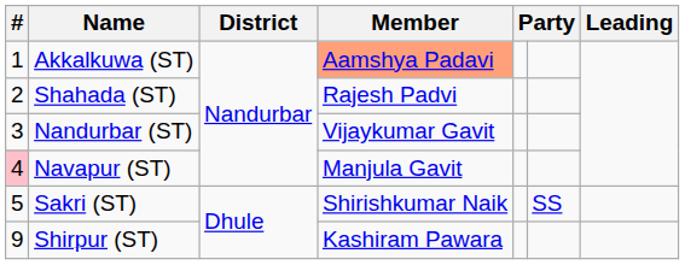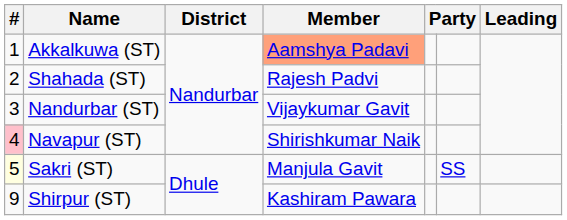 <table class="wikitable">
 <tr>
 <th>#</th>
 <th>Name</th>
 <th>District</th>
 <th>Member</th>
 <th colspan="2">Party</th>
 <th colspan=2>Leading<br></th>
 </tr>
 <tr>
 <td>1</td>
 <td><a href='#'>Akkalkuwa</a> (ST)</td>
 <td rowspan="4"><a href='#'>Nandurbar</a></td>
 <td style="background: lightsalmon;"><a href='#'>Aamshya Padavi</a></td>
 <td></td>
 <td></td>
 </tr>
 <tr>
 <td>2</td>
 <td><a href='#'>Shahada</a> (ST)</td>
 <td><a href='#'>Rajesh Padvi</a></td>
 <td></td>
 <td></td>
 </tr>
 <tr>
 <td>3</td>
 <td><a href='#'>Nandurbar</a> (ST)</td>
 <td><a href='#'>Vijaykumar Gavit</a></td>
 <td></td>
 <td></td>
 </tr>
 <tr>
 <td style="background: pink;">4</td>
 <td><a href='#'>Navapur</a> (ST)</td>
-<td><a href='#'>Manjula Gavit</a></td>
+<td><a href='#'>Shirishkumar Naik</a></td>
 <td></td>
 <td></td>
 </tr>
 <tr>
-<td>5</td>
+<td style="background: lightyellow;">5</td>
 <td><a href='#'>Sakri</a> (ST)</td>
 <td rowspan="2"><a href='#'>Dhule</a></td>
-<td><a href='#'>Shirishkumar Naik</a></td>
+<td><a href='#'>Manjula Gavit</a></td>
 <td style="background-color: "></td>
 <td><a href='#'>SS</a></td>
 <td></td>
 </tr>
 <tr>
 <td>9</td>
 <td><a href='#'>Shirpur</a> (ST)</td>
 <td><a href='#'>Kashiram Pawara</a></td>
 <td></td>
 <td></td>
 </tr>
 </table>
